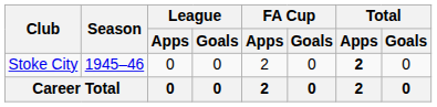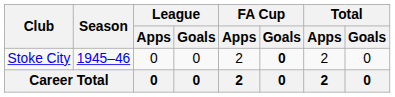 <table class="wikitable" style="text-align: center;">
 <tr>
 <th rowspan="2">Club</th>
 <th rowspan="2">Season</th>
 <th colspan="2">League</th>
 <th colspan="2">FA Cup</th>
 <th colspan="2">Total</th>
 </tr>
 <tr>
 <th>Apps</th>
 <th>Goals</th>
 <th>Apps</th>
 <th>Goals</th>
 <th>Apps</th>
 <th>Goals</th>
 </tr>
 <tr>
 <td><a href='#'>Stoke City</a></td>
 <td><a href='#'>1945–46</a></td>
 <td>0</td>
 <td>0</td>
 <td>2</td>
-<td>0</td>
-<td><strong>2</strong></td>
+<td><strong>0</strong></td>
+<td>2</td>
 <td>0</td>
 </tr>
 <tr>
 <th colspan="2">Career Total</th>
 <th>0</th>
 <th>0</th>
 <th>2</th>
 <th>0</th>
 <th>2</th>
 <th>0</th>
 </tr>
 </table>
